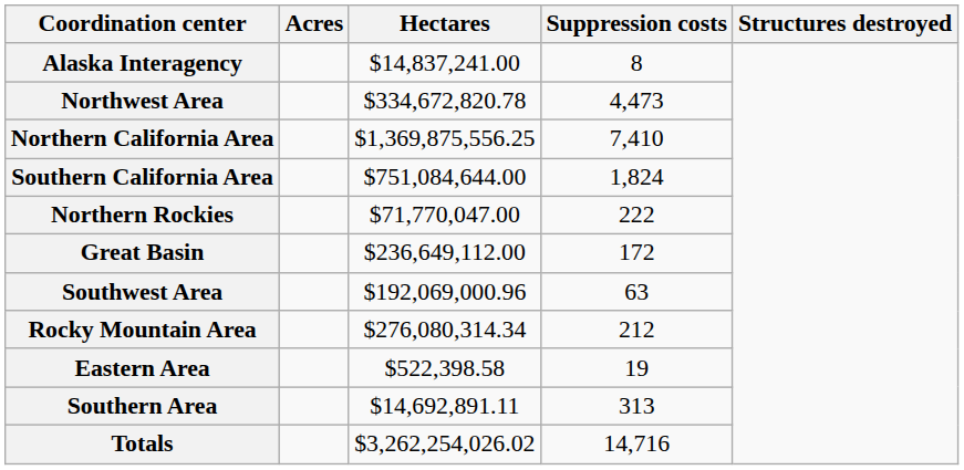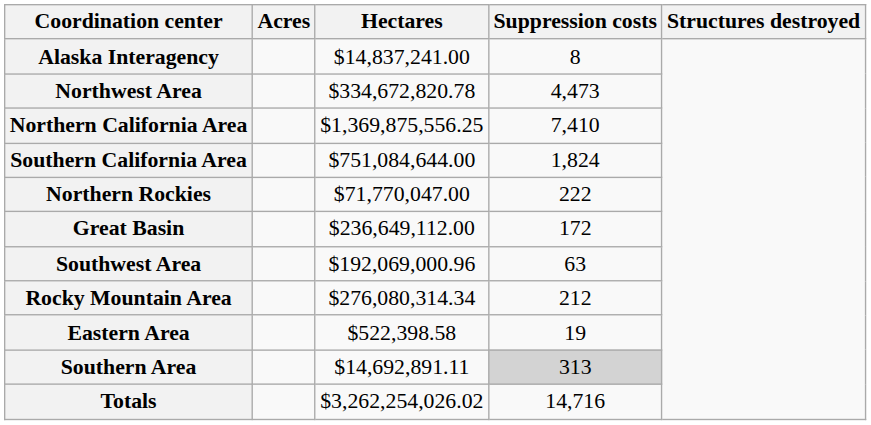 <table class="wikitable sortable plainrowheaders" style="text-align:center;">
 <tr>
 <th scope="col">Coordination center</th>
 <th scope="col">Acres</th>
 <th scope="col">Hectares</th>
 <th scope="col">Suppression costs</th>
 <th scope="col">Structures destroyed</th>
 </tr>
 <tr>
 <th scope="row">Alaska Interagency</th>
 <td></td>
 <td>$14,837,241.00</td>
 <td>8</td>
 </tr>
 <tr>
 <th scope="row">Northwest Area</th>
 <td></td>
 <td>$334,672,820.78</td>
 <td>4,473</td>
 </tr>
 <tr>
 <th scope="row">Northern California Area</th>
 <td></td>
 <td>$1,369,875,556.25</td>
 <td>7,410</td>
 </tr>
 <tr>
 <th scope="row">Southern California Area</th>
 <td></td>
 <td>$751,084,644.00</td>
 <td>1,824</td>
 </tr>
 <tr>
 <th scope="row">Northern Rockies</th>
 <td></td>
 <td>$71,770,047.00</td>
 <td>222</td>
 </tr>
 <tr>
 <th scope="row">Great Basin</th>
 <td></td>
 <td>$236,649,112.00</td>
 <td>172</td>
 </tr>
 <tr>
 <th scope="row">Southwest Area</th>
 <td></td>
 <td>$192,069,000.96</td>
 <td>63</td>
 </tr>
 <tr>
 <th scope="row">Rocky Mountain Area</th>
 <td></td>
 <td>$276,080,314.34</td>
 <td>212</td>
 </tr>
 <tr>
 <th scope="row">Eastern Area</th>
 <td></td>
 <td>$522,398.58</td>
 <td>19</td>
 </tr>
 <tr>
 <th scope="row">Southern Area</th>
 <td></td>
 <td>$14,692,891.11</td>
-<td>313</td>
+<td style="background: lightgrey;">313</td>
 </tr>
 <tr class="sortbottom">
 <th scope="row"><strong>Totals</strong></th>
 <td></td>
 <td>$3,262,254,026.02</td>
 <td>14,716</td>
 </tr>
 </table>
